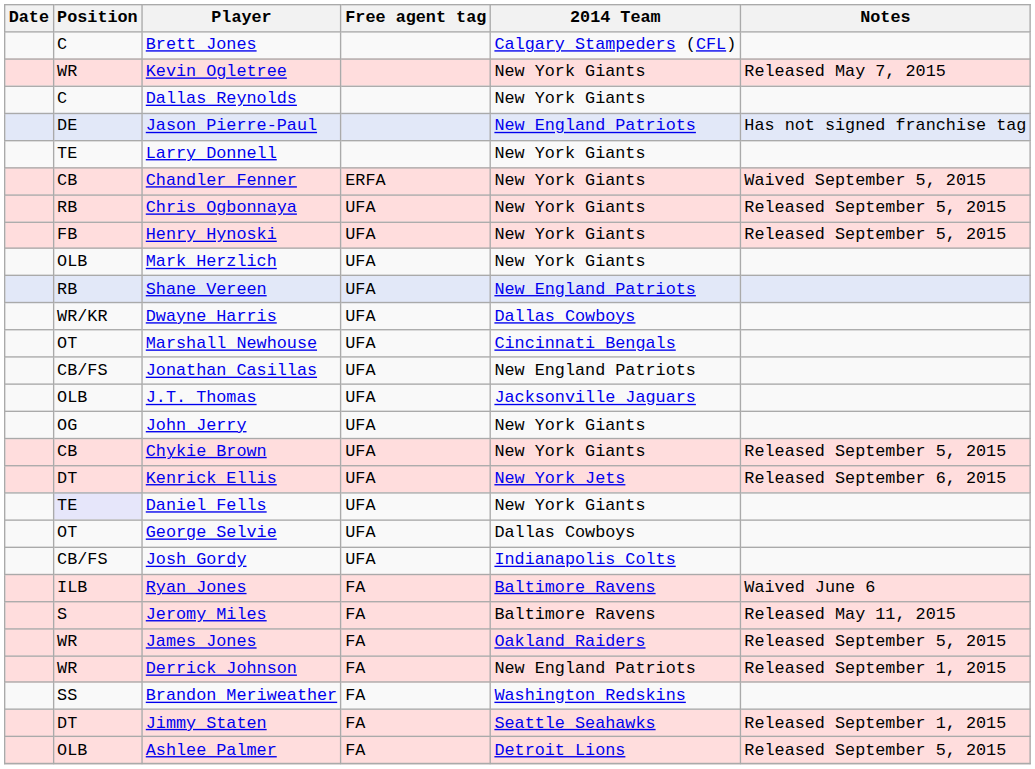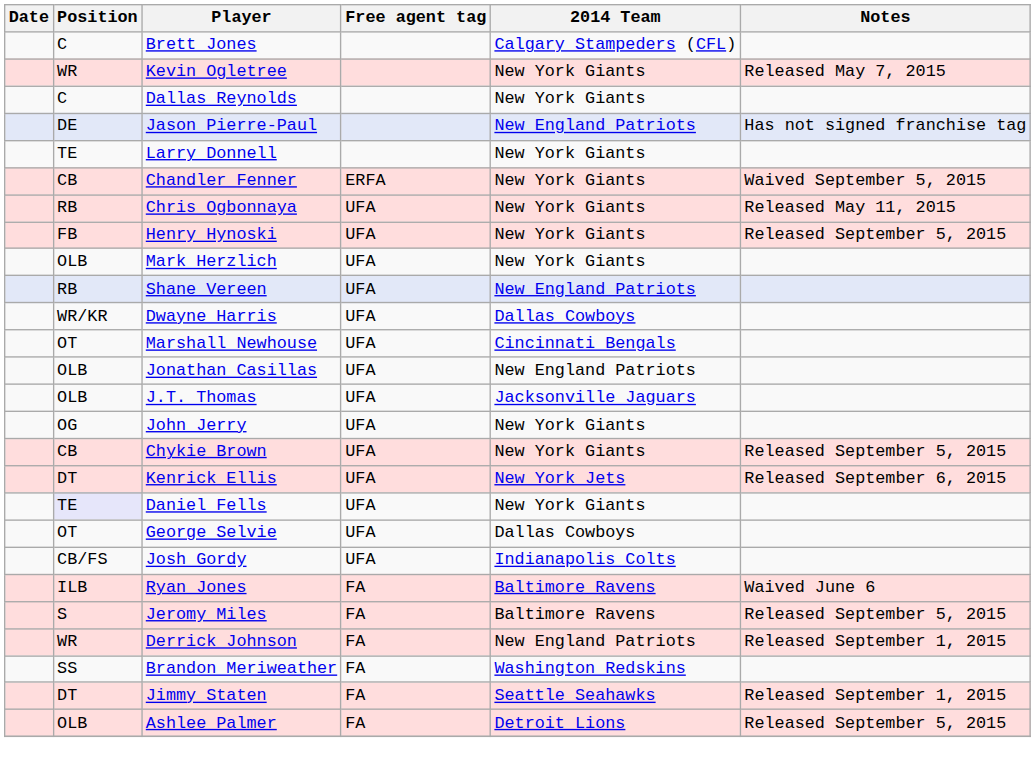 <table class="wikitable sortable" style="font-size: 95%;">
 <tr>
 <th>Date</th>
 <th>Position</th>
 <th>Player</th>
 <th>Free agent tag</th>
 <th>2014 Team</th>
 <th>Notes</th>
 </tr>
 <tr>
 <td></td>
 <td>C</td>
 <td><a href='#'>Brett Jones</a></td>
 <td></td>
 <td><a href='#'>Calgary Stampeders</a> (<a href='#'>CFL</a>)</td>
 <td></td>
 </tr>
 <tr style="background:#fdd;">
 <td></td>
 <td>WR</td>
 <td><a href='#'>Kevin Ogletree</a></td>
 <td></td>
 <td>New York Giants</td>
 <td>Released May 7, 2015</td>
 </tr>
 <tr>
 <td></td>
 <td>C</td>
 <td><a href='#'>Dallas Reynolds</a></td>
 <td></td>
 <td>New York Giants</td>
 <td></td>
 </tr>
 <tr style="background:#e2e8f8;">
 <td></td>
 <td>DE</td>
 <td><a href='#'>Jason Pierre-Paul</a></td>
 <td></td>
 <td><a href='#'>New England Patriots</a></td>
 <td>Has not signed franchise tag</td>
 </tr>
 <tr>
 <td></td>
 <td>TE</td>
 <td><a href='#'>Larry Donnell</a></td>
 <td></td>
 <td>New York Giants</td>
 <td></td>
 </tr>
 <tr style="background:#fdd;">
 <td></td>
 <td>CB</td>
 <td><a href='#'>Chandler Fenner</a></td>
 <td>ERFA</td>
 <td>New York Giants</td>
 <td>Waived September 5, 2015</td>
 </tr>
 <tr style="background:#fdd;">
 <td></td>
 <td>RB</td>
 <td><a href='#'>Chris Ogbonnaya</a></td>
 <td>UFA</td>
 <td>New York Giants</td>
-<td>Released September 5, 2015</td>
+<td>Released May 11, 2015</td>
 </tr>
 <tr style="background:#fdd;">
 <td></td>
 <td>FB</td>
 <td><a href='#'>Henry Hynoski</a></td>
 <td>UFA</td>
 <td>New York Giants</td>
 <td>Released September 5, 2015</td>
 </tr>
 <tr>
 <td></td>
 <td>OLB</td>
 <td><a href='#'>Mark Herzlich</a></td>
 <td>UFA</td>
 <td>New York Giants</td>
 <td></td>
 </tr>
 <tr style="background:#e2e8f8;">
 <td></td>
 <td>RB</td>
 <td><a href='#'>Shane Vereen</a></td>
 <td>UFA</td>
 <td><a href='#'>New England Patriots</a></td>
 <td></td>
 </tr>
 <tr>
 <td></td>
 <td>WR/KR</td>
 <td><a href='#'>Dwayne Harris</a></td>
 <td>UFA</td>
 <td><a href='#'>Dallas Cowboys</a></td>
 <td></td>
 </tr>
 <tr>
 <td></td>
 <td>OT</td>
 <td><a href='#'>Marshall Newhouse</a></td>
 <td>UFA</td>
 <td><a href='#'>Cincinnati Bengals</a></td>
 <td></td>
 </tr>
 <tr>
 <td></td>
-<td>CB/FS</td>
+<td>OLB</td>
 <td><a href='#'>Jonathan Casillas</a></td>
 <td>UFA</td>
 <td>New England Patriots</td>
 <td></td>
 </tr>
 <tr>
 <td></td>
 <td>OLB</td>
 <td><a href='#'>J.T. Thomas</a></td>
 <td>UFA</td>
 <td><a href='#'>Jacksonville Jaguars</a></td>
 <td></td>
 </tr>
 <tr>
 <td></td>
 <td>OG</td>
 <td><a href='#'>John Jerry</a></td>
 <td>UFA</td>
 <td>New York Giants</td>
 <td></td>
 </tr>
 <tr style="background:#fdd;">
 <td></td>
 <td>CB</td>
 <td><a href='#'>Chykie Brown</a></td>
 <td>UFA</td>
 <td>New York Giants</td>
 <td>Released September 5, 2015</td>
 </tr>
 <tr style="background:#fdd;">
 <td></td>
 <td>DT</td>
 <td><a href='#'>Kenrick Ellis</a></td>
 <td>UFA</td>
 <td><a href='#'>New York Jets</a></td>
 <td>Released September 6, 2015</td>
 </tr>
 <tr>
 <td></td>
 <td style="background: lavender;">TE</td>
 <td><a href='#'>Daniel Fells</a></td>
 <td>UFA</td>
 <td>New York Giants</td>
 <td></td>
 </tr>
 <tr>
 <td></td>
 <td>OT</td>
 <td><a href='#'>George Selvie</a></td>
 <td>UFA</td>
 <td>Dallas Cowboys</td>
 <td></td>
 </tr>
 <tr>
 <td></td>
 <td>CB/FS</td>
 <td><a href='#'>Josh Gordy</a></td>
 <td>UFA</td>
 <td><a href='#'>Indianapolis Colts</a></td>
 <td></td>
 </tr>
 <tr style="background:#fdd;">
 <td></td>
 <td>ILB</td>
 <td><a href='#'>Ryan Jones</a></td>
 <td>FA</td>
 <td><a href='#'>Baltimore Ravens</a></td>
 <td>Waived June 6</td>
 </tr>
 <tr style="background:#fdd;">
 <td></td>
 <td>S</td>
 <td><a href='#'>Jeromy Miles</a></td>
 <td>FA</td>
 <td>Baltimore Ravens</td>
-<td>Released May 11, 2015</td>
-</tr>
-<tr style="background:#fdd;">
-<td></td>
-<td>WR</td>
-<td><a href='#'>James Jones</a></td>
-<td>FA</td>
-<td><a href='#'>Oakland Raiders</a></td>
 <td>Released September 5, 2015</td>
 </tr>
 <tr style="background:#fdd;">
 <td></td>
 <td>WR</td>
 <td><a href='#'>Derrick Johnson</a></td>
 <td>FA</td>
 <td>New England Patriots</td>
 <td>Released September 1, 2015</td>
 </tr>
 <tr>
 <td></td>
 <td>SS</td>
 <td><a href='#'>Brandon Meriweather</a></td>
 <td>FA</td>
 <td><a href='#'>Washington Redskins</a></td>
 <td></td>
 </tr>
 <tr style="background:#fdd;">
 <td></td>
 <td>DT</td>
 <td><a href='#'>Jimmy Staten</a></td>
 <td>FA</td>
 <td><a href='#'>Seattle Seahawks</a></td>
 <td>Released September 1, 2015</td>
 </tr>
 <tr style="background:#fdd;">
 <td></td>
 <td>OLB</td>
 <td><a href='#'>Ashlee Palmer</a></td>
 <td>FA</td>
 <td><a href='#'>Detroit Lions</a></td>
 <td>Released September 5, 2015</td>
 </tr>
 <tr>
 </tr>
 </table>
